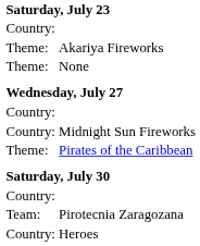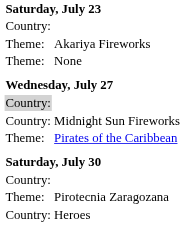 <table border="0">
 <tr>
 <td colspan="2"><strong>Saturday, July 23</strong></td>
 </tr>
 <tr>
 <td>Country:</td>
 <td></td>
 </tr>
 <tr>
 <td>Theme:</td>
 <td>Akariya Fireworks</td>
 </tr>
 <tr>
 <td>Theme:</td>
 <td>None</td>
 </tr>
 <tr>
 <td colspan="2"></td>
 </tr>
 <tr>
 <td></td>
 </tr>
 <tr>
 <td colspan="2"><strong>Wednesday, July 27</strong></td>
 </tr>
 <tr>
-<td>Country:</td>
+<td style="background: lightgrey;">Country:</td>
 <td></td>
 </tr>
 <tr>
 <td>Country:</td>
 <td>Midnight Sun Fireworks</td>
 </tr>
 <tr>
 <td>Theme:</td>
 <td><a href='#'>Pirates of the Caribbean</a></td>
 </tr>
 <tr>
 <td colspan="2"></td>
 </tr>
 <tr>
 <td></td>
 </tr>
 <tr>
 <td colspan="2"><strong>Saturday, July 30</strong></td>
 </tr>
 <tr>
 <td>Country:</td>
 <td></td>
 </tr>
 <tr>
-<td>Team:</td>
+<td>Theme:</td>
 <td>Pirotecnia Zaragozana</td>
 </tr>
 <tr>
 <td>Country:</td>
 <td>Heroes</td>
 </tr>
 <tr>
 <td colspan="2"></td>
 </tr>
 </table>
